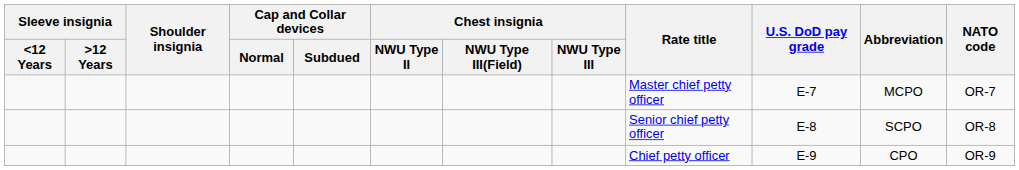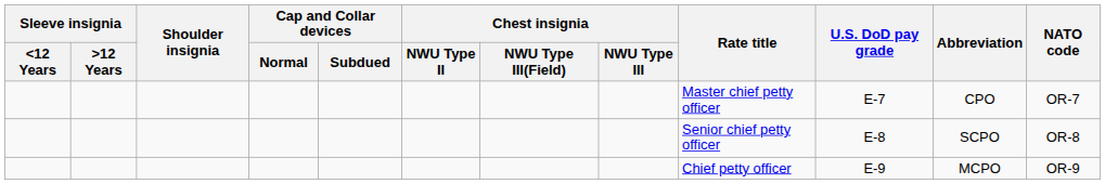 <table class="wikitable">
 <tr>
 <th colspan="2">Sleeve insignia</th>
 <th rowspan="2">Shoulder insignia</th>
 <th colspan="2">Cap and Collar devices</th>
 <th colspan="3">Chest insignia</th>
 <th rowspan="2">Rate title</th>
 <th rowspan="2"><a href='#'>U.S. DoD pay grade</a></th>
 <th rowspan="2">Abbreviation</th>
 <th rowspan="2">NATO code</th>
 </tr>
 <tr>
 <th><12 Years</th>
 <th>>12 Years</th>
 <th>Normal</th>
 <th>Subdued</th>
 <th>NWU Type II</th>
 <th>NWU Type III(Field)</th>
 <th>NWU Type III</th>
 </tr>
 <tr>
 <td style="text-align:center;"></td>
 <td style="text-align:center;"></td>
 <td style="text-align:center;"></td>
 <td style="text-align:center;"></td>
 <td style="text-align:center;"></td>
 <td style="text-align:center;"></td>
 <td style="text-align:center;"></td>
 <td></td>
 <td><a href='#'>Master chief petty officer</a></td>
 <td style="text-align:center;">E-7</td>
-<td style="text-align:center;">MCPO</td>
+<td style="text-align:center;">CPO</td>
 <td style="text-align:center;">OR-7</td>
 </tr>
 <tr>
 <td style="text-align:center;"></td>
 <td style="text-align:center;"></td>
 <td style="text-align:center;"></td>
 <td style="text-align:center;"></td>
 <td style="text-align:center;"></td>
 <td style="text-align:center;"></td>
 <td style="text-align:center;"></td>
 <td></td>
 <td><a href='#'>Senior chief petty officer</a></td>
 <td style="text-align:center;">E-8</td>
 <td style="text-align:center;">SCPO</td>
 <td style="text-align:center;">OR-8</td>
 </tr>
 <tr>
 <td style="text-align:center;"></td>
 <td style="text-align:center;"></td>
 <td style="text-align:center;"></td>
 <td style="text-align:center;"></td>
 <td style="text-align:center;"></td>
 <td style="text-align:center;"></td>
 <td style="text-align:center;"></td>
 <td></td>
 <td><a href='#'>Chief petty officer</a></td>
 <td style="text-align:center;">E-9</td>
-<td style="text-align:center;">CPO</td>
+<td style="text-align:center;">MCPO</td>
 <td style="text-align:center;">OR-9</td>
 </tr>
 </table>
